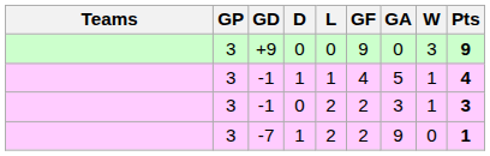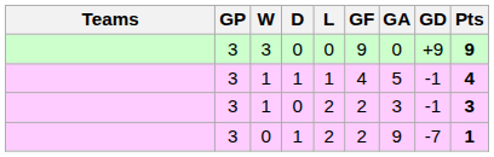 <table class=wikitable style="text-align:center">
 <tr>
 <th width=175>Teams</th>
 <th width=20>GP</th>
-<th width=20>GD</th>
+<th width=20>W</th>
 <th width=20>D</th>
 <th width=20>L</th>
 <th width=20>GF</th>
 <th width=20>GA</th>
-<th width=20>W</th>
+<th width=20>GD</th>
 <th width=20>Pts</th>
 </tr>
 <tr style="background:#ccffcc;">
 <td style="text-align:left;"></td>
 <td>3</td>
-<td>+9</td>
+<td>3</td>
 <td>0</td>
 <td>0</td>
 <td>9</td>
 <td>0</td>
-<td>3</td>
+<td>+9</td>
 <td><strong>9</strong></td>
 </tr>
 <tr style="background:#ffccff;">
 <td style="text-align:left;"></td>
 <td>3</td>
-<td>-1</td>
+<td>1</td>
 <td>1</td>
 <td>1</td>
 <td>4</td>
 <td>5</td>
-<td>1</td>
+<td>-1</td>
 <td><strong>4</strong></td>
 </tr>
 <tr style="background:#ffccff;">
 <td style="text-align:left;"></td>
 <td>3</td>
-<td>-1</td>
+<td>1</td>
 <td>0</td>
 <td>2</td>
 <td>2</td>
 <td>3</td>
-<td>1</td>
+<td>-1</td>
 <td><strong>3</strong></td>
 </tr>
 <tr style="background:#ffccff;">
 <td style="text-align:left;"></td>
 <td>3</td>
-<td>-7</td>
+<td>0</td>
 <td>1</td>
 <td>2</td>
 <td>2</td>
 <td>9</td>
-<td>0</td>
+<td>-7</td>
 <td><strong>1</strong></td>
 </tr>
 </table>
